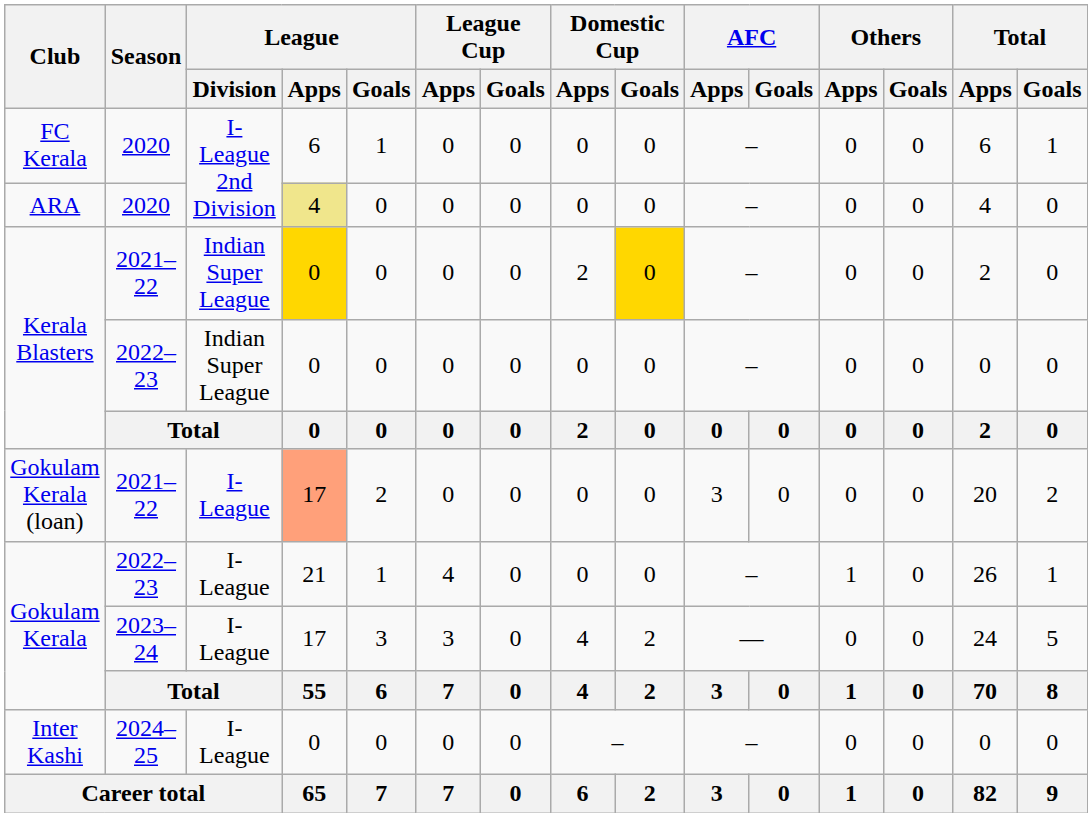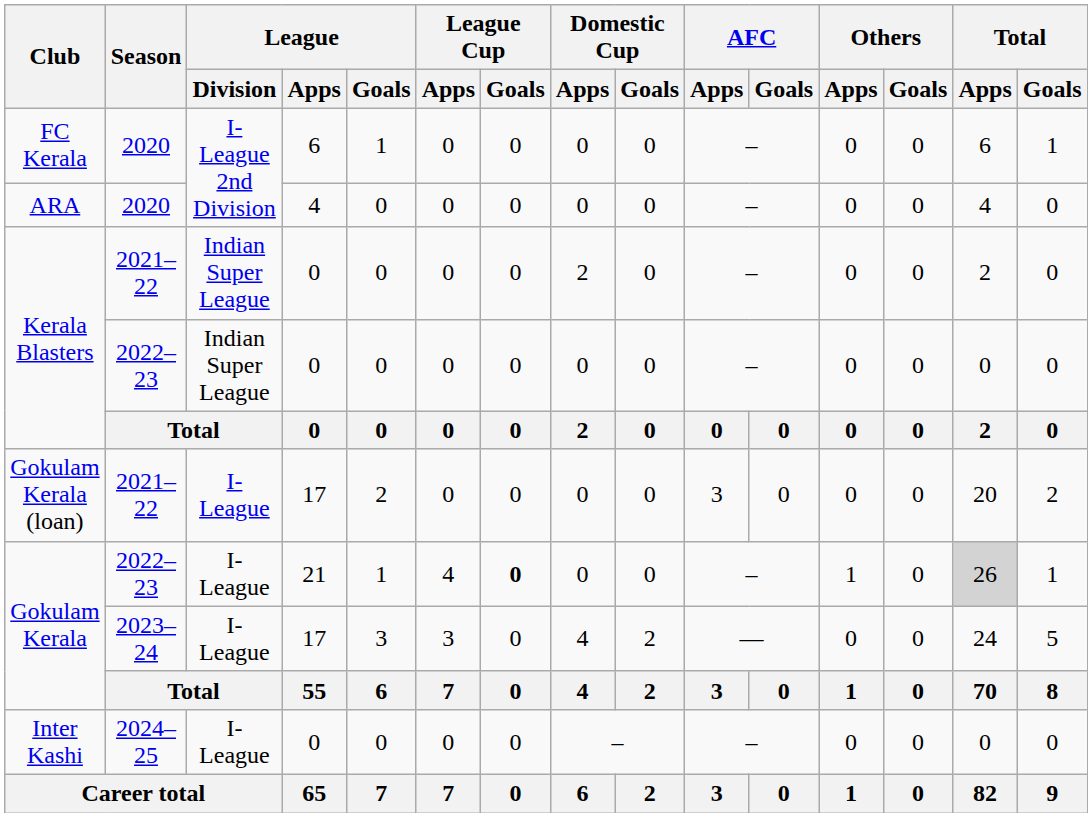 <table class="wikitable" style="text-align:center">
 <tr>
 <th rowspan="2">Club</th>
 <th rowspan="2">Season</th>
 <th colspan="3">League</th>
 <th colspan="2">League Cup</th>
 <th colspan="2">Domestic Cup</th>
 <th colspan="2"><a href='#'>AFC</a></th>
 <th colspan="2">Others</th>
 <th colspan="2">Total</th>
 </tr>
 <tr>
 <th>Division</th>
 <th>Apps</th>
 <th>Goals</th>
 <th>Apps</th>
 <th>Goals</th>
 <th>Apps</th>
 <th>Goals</th>
 <th>Apps</th>
 <th>Goals</th>
 <th>Apps</th>
 <th>Goals</th>
 <th>Apps</th>
 <th>Goals</th>
 </tr>
 <tr>
 <td rowspan="1"><a href='#'>FC Kerala</a></td>
 <td><a href='#'>2020</a></td>
 <td rowspan="2"><a href='#'>I-League 2nd Division</a></td>
 <td>6</td>
 <td>1</td>
 <td>0</td>
 <td>0</td>
 <td>0</td>
 <td>0</td>
 <td colspan="2">–</td>
 <td>0</td>
 <td>0</td>
 <td>6</td>
 <td>1</td>
 </tr>
 <tr>
 <td rowspan="1"><a href='#'>ARA</a></td>
 <td><a href='#'>2020</a></td>
-<td style="background: khaki;">4</td>
+<td>4</td>
 <td>0</td>
 <td>0</td>
 <td>0</td>
 <td>0</td>
 <td>0</td>
 <td colspan="2">–</td>
 <td>0</td>
 <td>0</td>
 <td>4</td>
 <td>0</td>
 </tr>
 <tr>
 <td rowspan="3"><a href='#'>Kerala Blasters</a></td>
 <td><a href='#'>2021–22</a></td>
 <td rowspan="1"><a href='#'>Indian Super League</a></td>
-<td style="background: gold;">0</td>
+<td>0</td>
 <td>0</td>
 <td>0</td>
 <td>0</td>
 <td>2</td>
-<td style="background: gold;">0</td>
+<td>0</td>
 <td colspan="2">–</td>
 <td>0</td>
 <td>0</td>
 <td>2</td>
 <td>0</td>
 </tr>
 <tr>
 <td><a href='#'>2022–23</a></td>
 <td rowspan="1">Indian Super League</td>
 <td>0</td>
 <td>0</td>
 <td>0</td>
 <td>0</td>
 <td>0</td>
 <td>0</td>
 <td colspan="2">–</td>
 <td>0</td>
 <td>0</td>
 <td>0</td>
 <td>0</td>
 </tr>
 <tr>
 <th colspan="2">Total</th>
 <th>0</th>
 <th>0</th>
 <th>0</th>
 <th>0</th>
 <th>2</th>
 <th>0</th>
 <th>0</th>
 <th>0</th>
 <th>0</th>
 <th>0</th>
 <th>2</th>
 <th>0</th>
 </tr>
 <tr>
 <td rowspan="1"><a href='#'>Gokulam Kerala</a> (loan)</td>
 <td><a href='#'>2021–22</a></td>
 <td rowspan="1"><a href='#'>I-League</a></td>
-<td style="background: lightsalmon;">17</td>
+<td>17</td>
 <td>2</td>
 <td>0</td>
 <td>0</td>
 <td>0</td>
 <td>0</td>
 <td>3</td>
 <td>0</td>
 <td>0</td>
 <td>0</td>
 <td>20</td>
 <td>2</td>
 </tr>
 <tr>
 <td rowspan="3"><a href='#'>Gokulam Kerala</a></td>
 <td><a href='#'>2022–23</a></td>
 <td rowspan="1">I-League</td>
 <td>21</td>
 <td>1</td>
 <td>4</td>
-<td>0</td>
+<td><strong>0</strong></td>
 <td>0</td>
 <td>0</td>
 <td colspan="2">–</td>
 <td>1</td>
 <td>0</td>
-<td>26</td>
+<td style="background: lightgrey;">26</td>
 <td>1</td>
 </tr>
 <tr>
 <td><a href='#'>2023–24</a></td>
 <td rowspan="1">I-League</td>
 <td>17</td>
 <td>3</td>
 <td>3</td>
 <td>0</td>
 <td>4</td>
 <td>2</td>
 <td colspan="2">—</td>
 <td>0</td>
 <td>0</td>
 <td>24</td>
 <td>5</td>
 </tr>
 <tr>
 <th colspan="2">Total</th>
 <th>55</th>
 <th>6</th>
 <th>7</th>
 <th>0</th>
 <th>4</th>
 <th>2</th>
 <th>3</th>
 <th>0</th>
 <th>1</th>
 <th>0</th>
 <th>70</th>
 <th>8</th>
 </tr>
 <tr>
 <td rowspan="1"><a href='#'>Inter Kashi</a></td>
 <td><a href='#'>2024–25</a></td>
 <td rowspan="1">I-League</td>
 <td>0</td>
 <td>0</td>
 <td>0</td>
 <td>0</td>
 <td colspan="2">–</td>
 <td colspan="2">–</td>
 <td>0</td>
 <td>0</td>
 <td>0</td>
 <td>0</td>
 </tr>
 <tr>
 <th colspan="3">Career total</th>
 <th>65</th>
 <th>7</th>
 <th>7</th>
 <th>0</th>
 <th>6</th>
 <th>2</th>
 <th>3</th>
 <th>0</th>
 <th>1</th>
 <th>0</th>
 <th>82</th>
 <th>9</th>
 </tr>
 </table>
